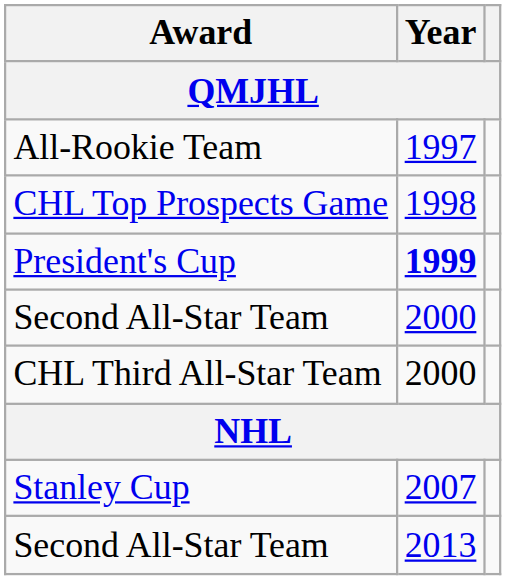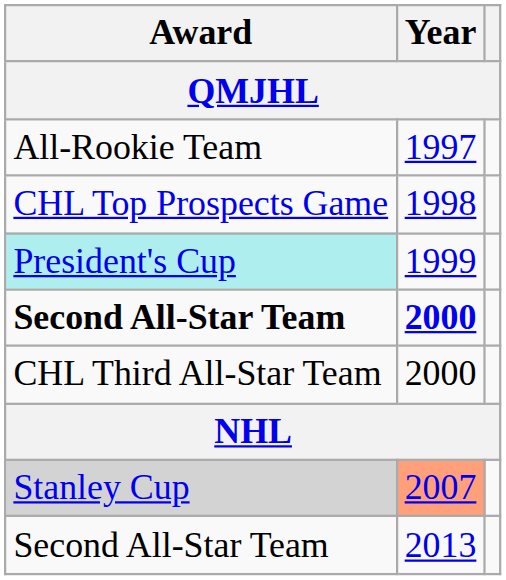 <table class="wikitable">
 <tr>
 <th>Award</th>
 <th>Year</th>
 <th></th>
 </tr>
 <tr>
 <th colspan="3"><a href='#'>QMJHL</a></th>
 </tr>
 <tr>
 <td>All-Rookie Team</td>
 <td><a href='#'>1997</a></td>
 <td></td>
 </tr>
 <tr>
 <td><a href='#'>CHL Top Prospects Game</a></td>
 <td><a href='#'>1998</a></td>
 <td></td>
 </tr>
 <tr>
-<td><a href='#'>President's Cup</a></td>
-<td><strong><a href='#'>1999</a></strong></td>
+<td style="background: paleturquoise;"><a href='#'>President's Cup</a></td>
+<td><a href='#'>1999</a></td>
 <td></td>
 </tr>
 <tr>
-<td>Second All-Star Team</td>
-<td><a href='#'>2000</a></td>
+<td><strong>Second All-Star Team</strong></td>
+<td><strong><a href='#'>2000</a></strong></td>
 <td></td>
 </tr>
 <tr>
 <td>CHL Third All-Star Team</td>
 <td>2000</td>
 <td></td>
 </tr>
 <tr>
 <th colspan="3"><a href='#'>NHL</a></th>
 </tr>
 <tr>
-<td><a href='#'>Stanley Cup</a></td>
-<td><a href='#'>2007</a></td>
+<td style="background: lightgrey;"><a href='#'>Stanley Cup</a></td>
+<td style="background: lightsalmon;"><a href='#'>2007</a></td>
 <td></td>
 </tr>
 <tr>
 <td>Second All-Star Team</td>
 <td><a href='#'>2013</a></td>
 <td></td>
 </tr>
 </table>
